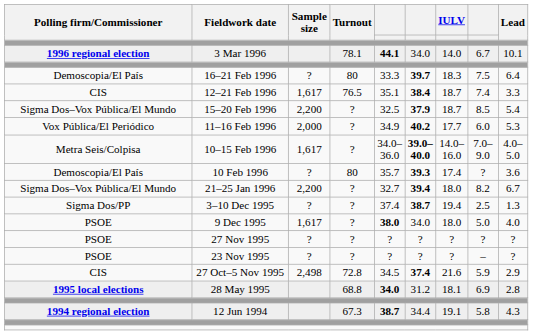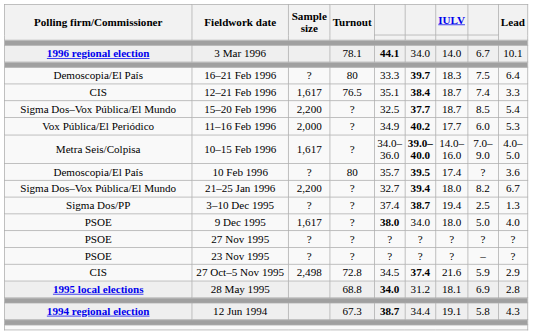 <table class="wikitable collapsible collapsed" style="text-align:center; font-size:95%; line-height:16px;">
 <tr style="height:42px;">
 <th style="width:250px;" rowspan="2">Polling firm/Commissioner</th>
 <th style="width:125px;" rowspan="2">Fieldwork date</th>
 <th style="width:50px;" rowspan="2">Sample size</th>
 <th style="width:45px;" rowspan="2">Turnout</th>
 <th style="width:35px;"></th>
 <th style="width:35px;"></th>
 <th style="width:35px;"><a href='#'>IULV</a></th>
 <th style="width:35px;"></th>
 <th style="width:20px;" rowspan="2">Lead</th>
 </tr>
 <tr>
 <th style="color:inherit;background:"></th>
 <th style="color:inherit;background:"></th>
 <th style="color:inherit;background:"></th>
 <th style="color:inherit;background:"></th>
 </tr>
 <tr>
 <td colspan="9" style="background:#A0A0A0"></td>
 </tr>
 <tr style="background:#EFEFEF;">
 <td><strong><a href='#'>1996 regional election</a></strong></td>
 <td>3 Mar 1996</td>
 <td></td>
 <td>78.1</td>
 <td><strong>44.1</strong><br></td>
 <td>34.0<br></td>
 <td>14.0<br></td>
 <td>6.7<br></td>
 <td style="background:">10.1</td>
 </tr>
 <tr>
 <td colspan="9" style="background:#A0A0A0"></td>
 </tr>
 <tr>
 <td>Demoscopia/El País</td>
 <td>16–21 Feb 1996</td>
 <td>?</td>
 <td>80</td>
 <td>33.3<br></td>
 <td><strong>39.7</strong><br></td>
 <td>18.3<br></td>
 <td>7.5<br></td>
 <td style="background:">6.4</td>
 </tr>
 <tr>
 <td>CIS</td>
 <td>12–21 Feb 1996</td>
 <td>1,617</td>
 <td>76.5</td>
 <td>35.1</td>
 <td><strong>38.4</strong></td>
 <td>18.7</td>
 <td>7.4</td>
 <td style="background:">3.3</td>
 </tr>
 <tr>
 <td>Sigma Dos–Vox Pública/El Mundo</td>
 <td>15–20 Feb 1996</td>
 <td>2,200</td>
 <td>?</td>
 <td>32.5<br></td>
-<td><strong>37.9</strong><br></td>
+<td><strong>37.7</strong><br></td>
 <td>18.7<br></td>
 <td>8.5<br></td>
 <td style="background:">5.4</td>
 </tr>
 <tr>
 <td>Vox Pública/El Periódico</td>
 <td>11–16 Feb 1996</td>
 <td>2,000</td>
 <td>?</td>
 <td>34.9<br></td>
 <td><strong>40.2</strong><br></td>
 <td>17.7<br></td>
 <td>6.0<br></td>
 <td style="background:">5.3</td>
 </tr>
 <tr>
 <td>Metra Seis/Colpisa</td>
 <td>10–15 Feb 1996</td>
 <td>1,617</td>
 <td>?</td>
 <td>34.0–<br>36.0<br></td>
 <td><strong>39.0–<br>40.0</strong><br></td>
 <td>14.0–<br>16.0<br></td>
 <td>7.0–<br>9.0<br></td>
 <td style="background:">4.0–<br>5.0</td>
 </tr>
 <tr>
 <td>Demoscopia/El País</td>
 <td>10 Feb 1996</td>
 <td>?</td>
 <td>80</td>
 <td>35.7<br></td>
-<td><strong>39.3</strong><br></td>
+<td><strong>39.5</strong><br></td>
 <td>17.4<br></td>
 <td>?<br></td>
 <td style="background:">3.6</td>
 </tr>
 <tr>
 <td>Sigma Dos–Vox Pública/El Mundo</td>
 <td>21–25 Jan 1996</td>
 <td>2,200</td>
 <td>?</td>
 <td>32.7<br></td>
 <td><strong>39.4</strong><br></td>
 <td>18.0<br></td>
 <td>8.2<br></td>
 <td style="background:">6.7</td>
 </tr>
 <tr>
 <td>Sigma Dos/PP</td>
 <td>3–10 Dec 1995</td>
 <td>?</td>
 <td>?</td>
 <td>37.4<br></td>
 <td><strong>38.7</strong><br></td>
 <td>19.4<br></td>
 <td>2.5<br></td>
 <td style="background:">1.3</td>
 </tr>
 <tr>
 <td>PSOE</td>
 <td>9 Dec 1995</td>
 <td>1,617</td>
 <td>?</td>
 <td><strong>38.0</strong></td>
 <td>34.0</td>
 <td>18.0</td>
 <td>5.0</td>
 <td style="background:">4.0</td>
 </tr>
 <tr>
 <td>PSOE</td>
 <td>27 Nov 1995</td>
 <td>?</td>
 <td>?</td>
 <td>?<br></td>
 <td>?<br></td>
 <td>?<br></td>
 <td>?<br></td>
 <td style="background:">?</td>
 </tr>
 <tr>
 <td>PSOE</td>
 <td>23 Nov 1995</td>
 <td>?</td>
 <td>?</td>
 <td>?<br></td>
 <td>?<br></td>
 <td>?<br></td>
 <td>–</td>
 <td style="background:">?</td>
 </tr>
 <tr>
 <td>CIS</td>
 <td>27 Oct–5 Nov 1995</td>
 <td>2,498</td>
 <td>72.8</td>
 <td>34.5<br></td>
 <td><strong>37.4</strong><br></td>
 <td>21.6<br></td>
 <td>5.9<br></td>
 <td style="background:">2.9</td>
 </tr>
 <tr style="background:#EFEFEF;">
 <td><strong><a href='#'>1995 local elections</a></strong></td>
 <td>28 May 1995</td>
 <td></td>
 <td>68.8</td>
 <td><strong>34.0</strong></td>
 <td>31.2</td>
 <td>18.1</td>
 <td>6.9</td>
 <td style="background:">2.8</td>
 </tr>
 <tr>
 <td colspan="9" style="background:#A0A0A0"></td>
 </tr>
 <tr style="background:#EFEFEF;">
 <td><strong><a href='#'>1994 regional election</a></strong></td>
 <td>12 Jun 1994</td>
 <td></td>
 <td>67.3</td>
 <td><strong>38.7</strong><br></td>
 <td>34.4<br></td>
 <td>19.1<br></td>
 <td>5.8<br></td>
 <td style="background:">4.3</td>
 </tr>
 <tr>
 <td colspan="9" style="background:#A0A0A0"></td>
 </tr>
 <tr>
 <td colspan="9"></td>
 </tr>
 </table>
